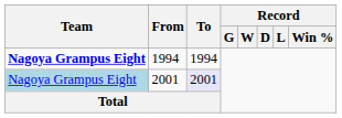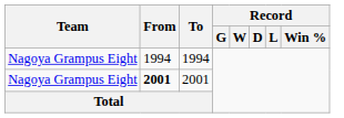 <table class="wikitable" style="text-align: center">
 <tr>
 <th rowspan="2">Team</th>
 <th rowspan="2">From</th>
 <th rowspan="2">To</th>
 <th colspan="5">Record</th>
 </tr>
 <tr>
 <th>G</th>
 <th>W</th>
 <th>D</th>
 <th>L</th>
 <th>Win %</th>
 </tr>
 <tr>
-<td align="left"><strong><a href='#'>Nagoya Grampus Eight</a></strong></td>
+<td align="left"><a href='#'>Nagoya Grampus Eight</a></td>
 <td align="left">1994</td>
 <td align="left">1994<br></td>
 </tr>
 <tr>
-<td align="left" style="background: lightblue;"><a href='#'>Nagoya Grampus Eight</a></td>
-<td align="left">2001</td>
-<td align="left" style="background: lavender;">2001<br></td>
+<td align="left"><a href='#'>Nagoya Grampus Eight</a></td>
+<td align="left"><strong>2001</strong></td>
+<td align="left">2001<br></td>
 </tr>
 <tr>
 <th colspan="3">Total<br></th>
 </tr>
 </table>
